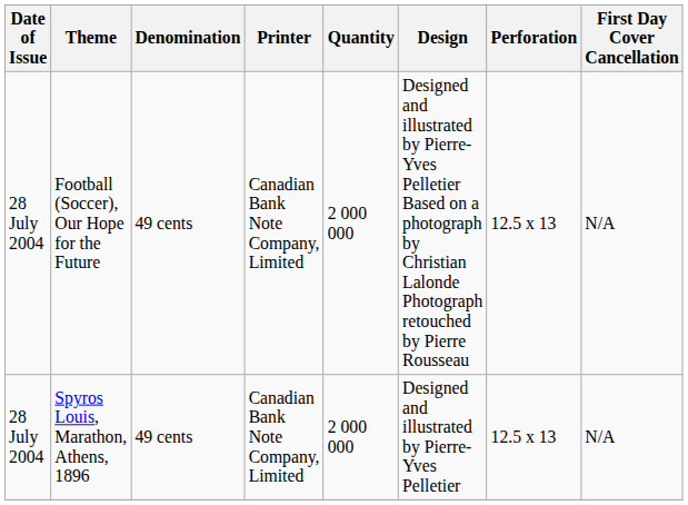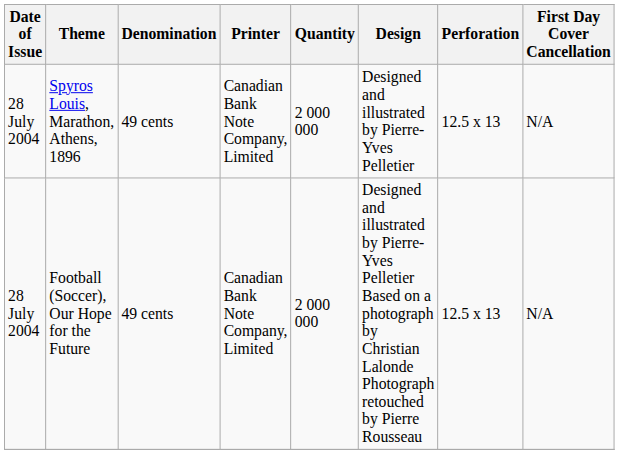 <table class="wikitable sortable">
 <tr>
 <th>Date of Issue</th>
 <th>Theme</th>
 <th>Denomination</th>
 <th>Printer</th>
 <th>Quantity</th>
 <th>Design</th>
 <th>Perforation</th>
 <th>First Day Cover Cancellation</th>
 </tr>
 <tr>
 <td>28 July 2004</td>
+<td><a href='#'>Spyros Louis</a>, Marathon, Athens, 1896</td>
+<td>49 cents</td>
+<td>Canadian Bank Note Company, Limited</td>
+<td>2 000 000</td>
+<td>Designed and illustrated by Pierre-Yves Pelletier</td>
+<td>12.5 x 13</td>
+<td>N/A</td>
+</tr>
+<tr>
+<td>28 July 2004</td>
 <td>Football (Soccer), Our Hope for the Future</td>
 <td>49 cents</td>
 <td>Canadian Bank Note Company, Limited</td>
 <td>2 000 000</td>
 <td>Designed and illustrated by Pierre-Yves Pelletier<br>Based on a photograph by Christian Lalonde Photograph retouched by Pierre Rousseau</td>
 <td>12.5 x 13</td>
 <td>N/A</td>
 </tr>
 <tr>
-<td>28 July 2004</td>
-<td><a href='#'>Spyros Louis</a>, Marathon, Athens, 1896</td>
-<td>49 cents</td>
-<td>Canadian Bank Note Company, Limited</td>
-<td>2 000 000</td>
-<td>Designed and illustrated by Pierre-Yves Pelletier</td>
-<td>12.5 x 13</td>
-<td>N/A</td>
-</tr>
-<tr>
 </tr>
 </table>
